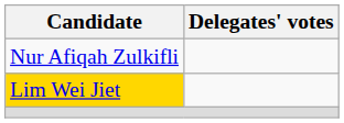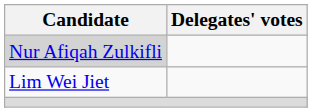 <table class="wikitable" style="text-align:center">
 <tr>
 <th>Candidate</th>
 <th>Delegates' votes</th>
 </tr>
 <tr>
-<td align="left"><a href='#'>Nur Afiqah Zulkifli</a></td>
+<td align="left" style="background: lightgrey;"><a href='#'>Nur Afiqah Zulkifli</a></td>
 <td colspan="1"></td>
 </tr>
 <tr>
-<td align="left" style="background: gold;"><a href='#'>Lim Wei Jiet</a></td>
+<td align="left"><a href='#'>Lim Wei Jiet</a></td>
 <td colspan="1"></td>
 </tr>
 <tr>
 <td colspan="3" bgcolor="dcdcdc"></td>
 </tr>
 </table>
